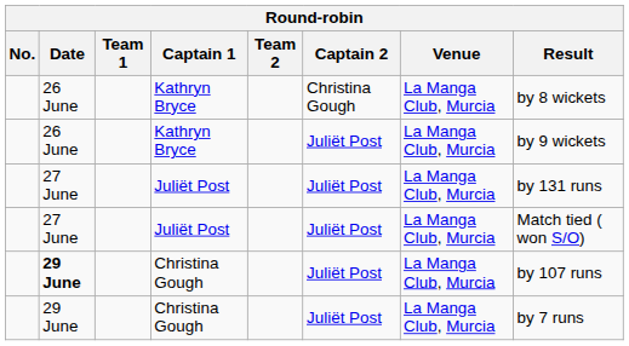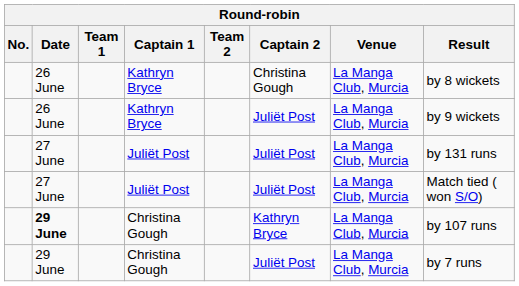 <table class="wikitable">
 <tr>
 <th colspan="8">Round-robin</th>
 </tr>
 <tr>
 <th>No.</th>
 <th>Date</th>
 <th>Team 1</th>
 <th>Captain 1</th>
 <th>Team 2</th>
 <th>Captain 2</th>
 <th>Venue</th>
 <th>Result</th>
 </tr>
 <tr>
 <td></td>
 <td>26 June</td>
 <td></td>
 <td><a href='#'>Kathryn Bryce</a></td>
 <td></td>
 <td>Christina Gough</td>
 <td><a href='#'>La Manga Club</a>, <a href='#'>Murcia</a></td>
 <td> by 8 wickets</td>
 </tr>
 <tr>
 <td></td>
 <td>26 June</td>
 <td></td>
 <td><a href='#'>Kathryn Bryce</a></td>
 <td></td>
 <td><a href='#'>Juliët Post</a></td>
 <td><a href='#'>La Manga Club</a>, <a href='#'>Murcia</a></td>
 <td> by 9 wickets</td>
 </tr>
 <tr>
 <td></td>
 <td>27 June</td>
 <td></td>
 <td><a href='#'>Juliët Post</a></td>
 <td></td>
 <td><a href='#'>Juliët Post</a></td>
 <td><a href='#'>La Manga Club</a>, <a href='#'>Murcia</a></td>
 <td> by 131 runs</td>
 </tr>
 <tr>
 <td></td>
 <td>27 June</td>
 <td></td>
 <td><a href='#'>Juliët Post</a></td>
 <td></td>
 <td><a href='#'>Juliët Post</a></td>
 <td><a href='#'>La Manga Club</a>, <a href='#'>Murcia</a></td>
 <td>Match tied ( won <a href='#'>S/O</a>)</td>
 </tr>
 <tr>
 <td></td>
 <td><strong>29 June</strong></td>
 <td></td>
 <td>Christina Gough</td>
 <td></td>
-<td><a href='#'>Juliët Post</a></td>
+<td><a href='#'>Kathryn Bryce</a></td>
 <td><a href='#'>La Manga Club</a>, <a href='#'>Murcia</a></td>
 <td> by 107 runs</td>
 </tr>
 <tr>
 <td></td>
 <td>29 June</td>
 <td></td>
 <td>Christina Gough</td>
 <td></td>
 <td><a href='#'>Juliët Post</a></td>
 <td><a href='#'>La Manga Club</a>, <a href='#'>Murcia</a></td>
 <td> by 7 runs</td>
 </tr>
 </table>
